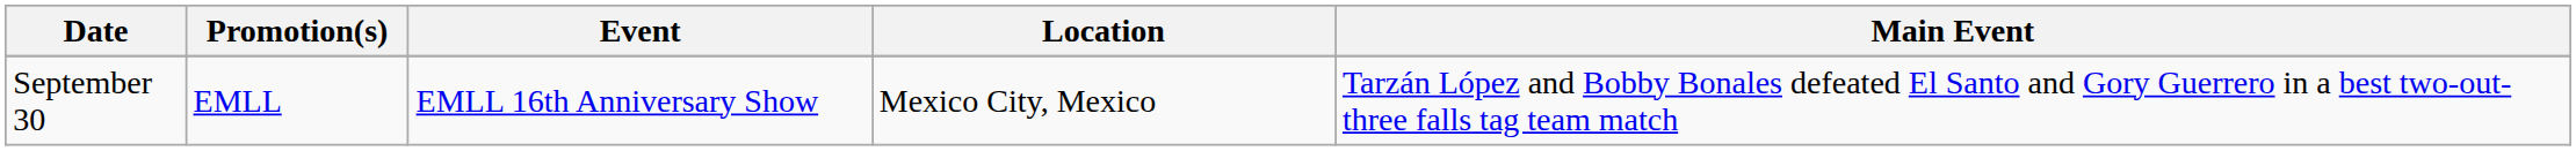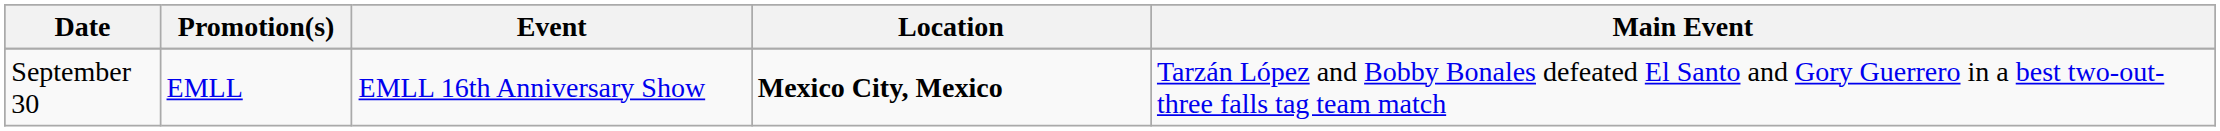 <table class="wikitable" style="width:100%;">
 <tr>
 <th width=5%>Date</th>
 <th width=5%>Promotion(s)</th>
 <th style="width:15%;">Event</th>
 <th style="width:15%;">Location</th>
 <th style="width:40%;">Main Event</th>
 </tr>
 <tr style="width:20%;"| Notes>
 </tr>
 <tr>
 <td>September 30</td>
 <td><a href='#'>EMLL</a></td>
 <td><a href='#'>EMLL 16th Anniversary Show</a></td>
-<td>Mexico City, Mexico</td>
+<td><strong>Mexico City, Mexico</strong></td>
 <td><a href='#'>Tarzán López</a> and <a href='#'>Bobby Bonales</a> defeated <a href='#'>El Santo</a> and <a href='#'>Gory Guerrero</a> in a <a href='#'>best two-out-three falls tag team match</a></td>
 </tr>
 </table>
